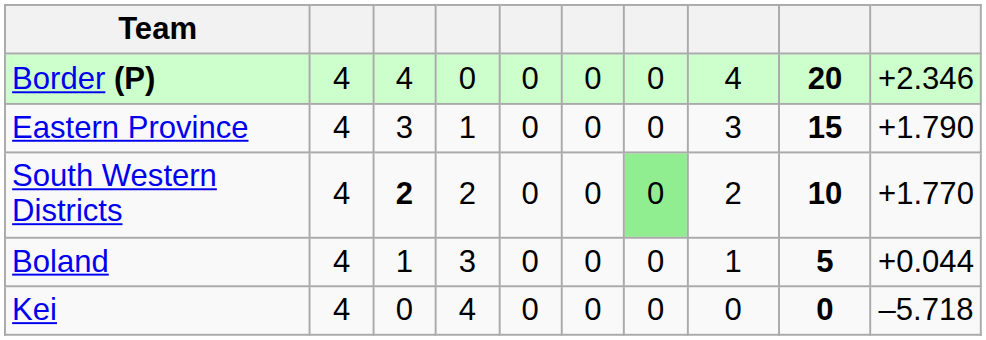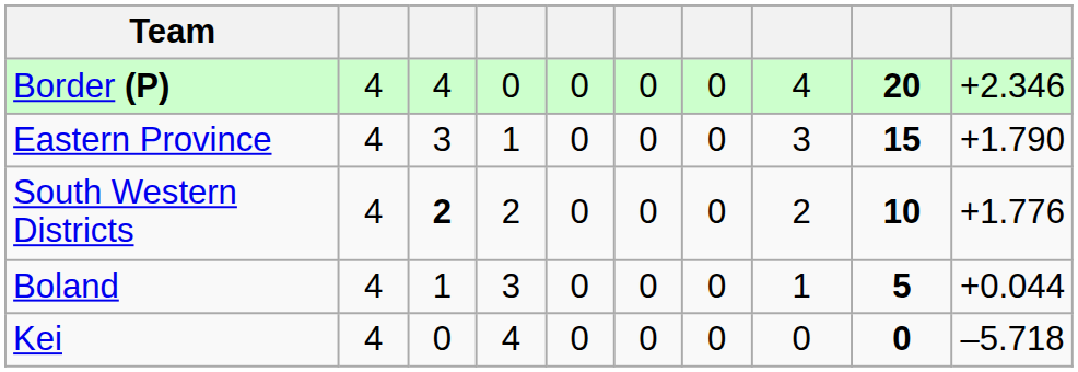 <table class="wikitable" style="text-align:center">
 <tr>
 <th width="150">Team</th>
 <th width="25"></th>
 <th width="25"></th>
 <th width="25"></th>
 <th width="25"></th>
 <th width="25"></th>
 <th width="25"></th>
 <th width="40"></th>
 <th width="40"></th>
 <th width="45"></th>
 </tr>
 <tr style="background:#cfc">
 <td style="text-align:left"><a href='#'>Border</a> <strong>(P)</strong></td>
 <td>4</td>
 <td>4</td>
 <td>0</td>
 <td>0</td>
 <td>0</td>
 <td>0</td>
 <td>4</td>
 <td><strong>20</strong></td>
 <td>+2.346</td>
 </tr>
 <tr>
 <td style="text-align:left"><a href='#'>Eastern Province</a></td>
 <td>4</td>
 <td>3</td>
 <td>1</td>
 <td>0</td>
 <td>0</td>
 <td>0</td>
 <td>3</td>
 <td><strong>15</strong></td>
 <td>+1.790</td>
 </tr>
 <tr>
 <td style="text-align:left"><a href='#'>South Western Districts</a></td>
 <td>4</td>
 <td><strong>2</strong></td>
 <td>2</td>
 <td>0</td>
 <td>0</td>
-<td style="background: lightgreen;">0</td>
+<td>0</td>
 <td>2</td>
 <td><strong>10</strong></td>
-<td>+1.770</td>
+<td>+1.776</td>
 </tr>
 <tr>
 <td style="text-align:left"><a href='#'>Boland</a></td>
 <td>4</td>
 <td>1</td>
 <td>3</td>
 <td>0</td>
 <td>0</td>
 <td>0</td>
 <td>1</td>
 <td><strong>5</strong></td>
 <td>+0.044</td>
 </tr>
 <tr>
 <td style="text-align:left"><a href='#'>Kei</a></td>
 <td>4</td>
 <td>0</td>
 <td>4</td>
 <td>0</td>
 <td>0</td>
 <td>0</td>
 <td>0</td>
 <td><strong>0</strong></td>
 <td>–5.718</td>
 </tr>
 </table>
